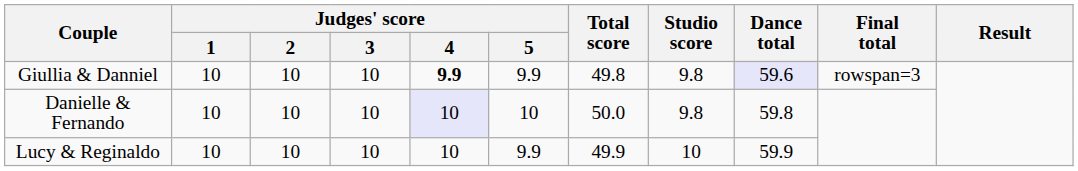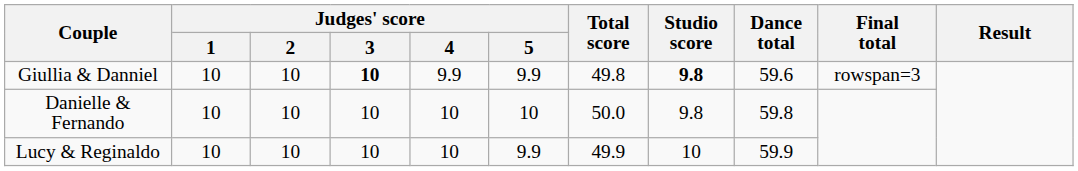 <table class="wikitable" style="font-size:100%; line-height:16px; text-align:center" width="100%">
 <tr>
 <th rowspan=2 width="11.00%">Couple</th>
 <th colspan=5>Judges' score</th>
 <th rowspan=2 width="05.25%">Total<br>score</th>
 <th rowspan=2 width="05.25%">Studio<br>score</th>
 <th rowspan=2 width="05.25%">Dance<br>total</th>
 <th rowspan=2 width="05.25%">Final<br>total</th>
 <th rowspan=2 width="09.00%">Result</th>
 </tr>
 <tr>
 <th width="05.25%">1</th>
 <th width="05.25%">2</th>
 <th width="05.25%">3</th>
 <th width="05.25%">4</th>
 <th width="05.25%">5</th>
 </tr>
 <tr>
 <td>Giullia & Danniel</td>
 <td>10</td>
 <td>10</td>
-<td>10</td>
-<td><strong>9.9</strong></td>
+<td><strong>10</strong></td>
+<td>9.9</td>
 <td>9.9</td>
 <td>49.8</td>
-<td>9.8</td>
-<td style="background: lavender;">59.6</td>
+<td><strong>9.8</strong></td>
+<td>59.6</td>
 <td>rowspan=3 </td>
 <td rowspan=3></td>
 </tr>
 <tr>
 <td>Danielle & Fernando</td>
 <td>10</td>
 <td>10</td>
 <td>10</td>
-<td style="background: lavender;">10</td>
+<td>10</td>
 <td>10</td>
 <td>50.0</td>
 <td>9.8</td>
 <td>59.8</td>
 </tr>
 <tr>
 <td>Lucy & Reginaldo</td>
 <td>10</td>
 <td>10</td>
 <td>10</td>
 <td>10</td>
 <td>9.9</td>
 <td>49.9</td>
 <td>10</td>
 <td>59.9</td>
 </tr>
 </table>
